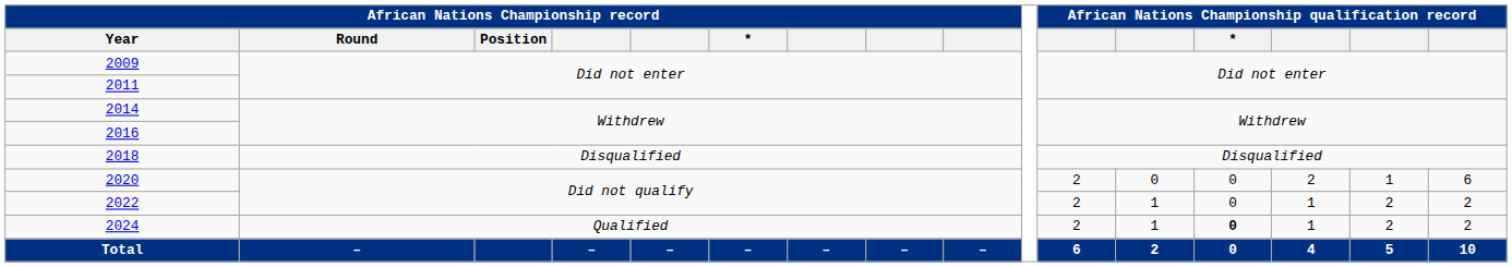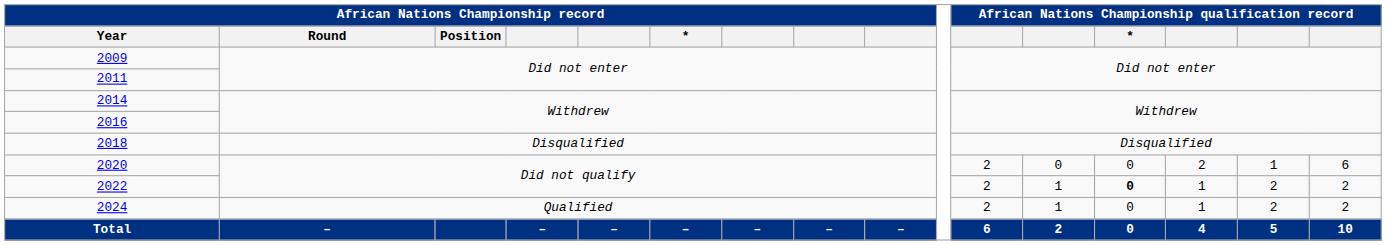 <table class="wikitable" width="100%" style="font-size:90%; text-align:center;">
 <tr>
 <th colspan="9" style="color:white; background:#003082;">African Nations Championship <strong>record</strong></th>
 <th rowspan="33" style="width:1%;background:white"></th>
 <th colspan="6" style="color:white; background:#003082;">African Nations Championship <strong>qualification record</strong></th>
 </tr>
 <tr>
 <th width="15%">Year</th>
 <th width="15%">Round</th>
 <th width="5%">Position</th>
 <th width="5%"></th>
 <th width="5%"></th>
 <th width="5%">*</th>
 <th width="5%"></th>
 <th width="5%"></th>
 <th width="5%"></th>
 <th width="5%"></th>
 <th width="5%"></th>
 <th width="5%">*</th>
 <th width="5%"></th>
 <th width="5%"></th>
 <th width="5%"></th>
 </tr>
 <tr>
 <td> <a href='#'>2009</a></td>
 <td colspan="8" rowspan="2"><em>Did not enter</em></td>
 <td colspan="6" rowspan="2"><em>Did not enter</em></td>
 </tr>
 <tr>
 <td> <a href='#'>2011</a></td>
 </tr>
 <tr>
 <td> <a href='#'>2014</a></td>
 <td colspan="8" rowspan="2"><em>Withdrew</em></td>
 <td colspan="6" rowspan="2"><em>Withdrew</em></td>
 </tr>
 <tr>
 <td> <a href='#'>2016</a></td>
 </tr>
 <tr>
 <td> <a href='#'>2018</a></td>
 <td colspan="8"><em>Disqualified</em></td>
 <td colspan="6"><em>Disqualified</em></td>
 </tr>
 <tr>
 <td> <a href='#'>2020</a></td>
 <td colspan="8" rowspan="2"><em>Did not qualify</em></td>
 <td>2</td>
 <td>0</td>
 <td>0</td>
 <td>2</td>
 <td>1</td>
 <td>6</td>
 </tr>
 <tr>
 <td> <a href='#'>2022</a></td>
 <td>2</td>
 <td>1</td>
-<td>0</td>
+<td><strong>0</strong></td>
 <td>1</td>
 <td>2</td>
 <td>2</td>
 </tr>
 <tr>
 <td>   <a href='#'>2024</a></td>
 <td colspan="8"><em>Qualified</em></td>
 <td>2</td>
 <td>1</td>
-<td><strong>0</strong></td>
+<td>0</td>
 <td>1</td>
 <td>2</td>
 <td>2</td>
 </tr>
 <tr>
 <th style="color:white; background:#003082;">Total</th>
 <th style="color:white; background:#003082;">–</th>
 <th style="color:white; background:#003082;"></th>
 <th style="color:white; background:#003082;">–</th>
 <th style="color:white; background:#003082;">–</th>
 <th style="color:white; background:#003082;">–</th>
 <th style="color:white; background:#003082;">–</th>
 <th style="color:white; background:#003082;">–</th>
 <th style="color:white; background:#003082;">–</th>
 <th style="color:white; background:#003082;">6</th>
 <th style="color:white; background:#003082;">2</th>
 <th style="color:white; background:#003082;">0</th>
 <th style="color:white; background:#003082;">4</th>
 <th style="color:white; background:#003082;">5</th>
 <th style="color:white; background:#003082;">10</th>
 </tr>
 </table>
